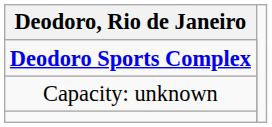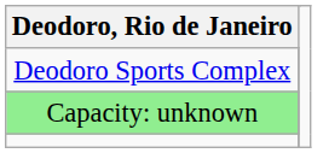 <table class="wikitable" style="text-align:center">
 <tr>
 <th colspan="2">Deodoro, Rio de Janeiro</th>
 <td rowspan=4></td>
 </tr>
 <tr>
-<td><strong><a href='#'>Deodoro Sports Complex</a></strong></td>
+<td><a href='#'>Deodoro Sports Complex</a></td>
 </tr>
 <tr>
-<td>Capacity: unknown</td>
+<td style="background: lightgreen;">Capacity: unknown</td>
 </tr>
 <tr>
 <td></td>
 </tr>
 </table>
